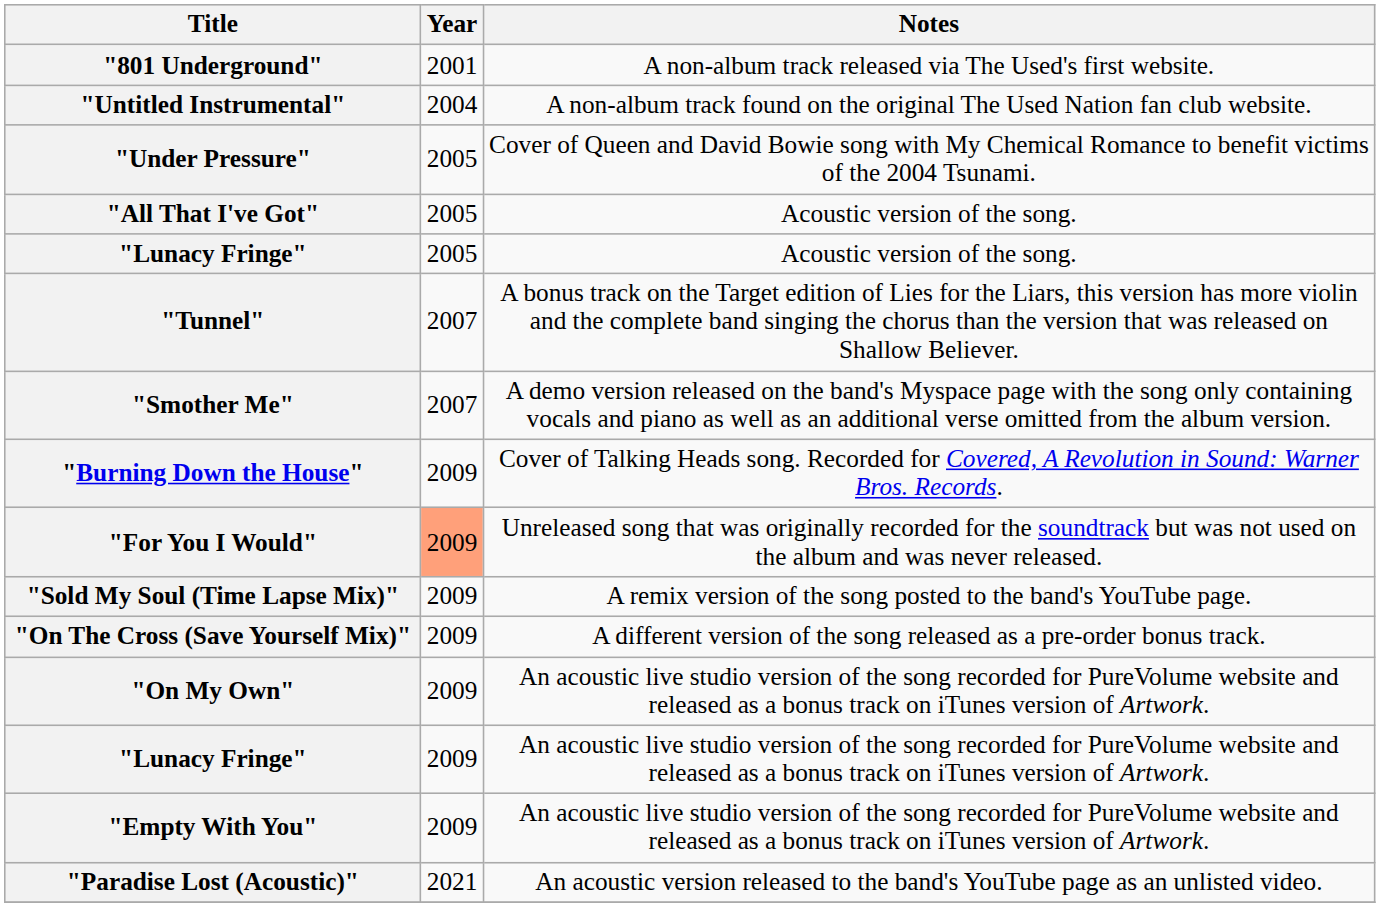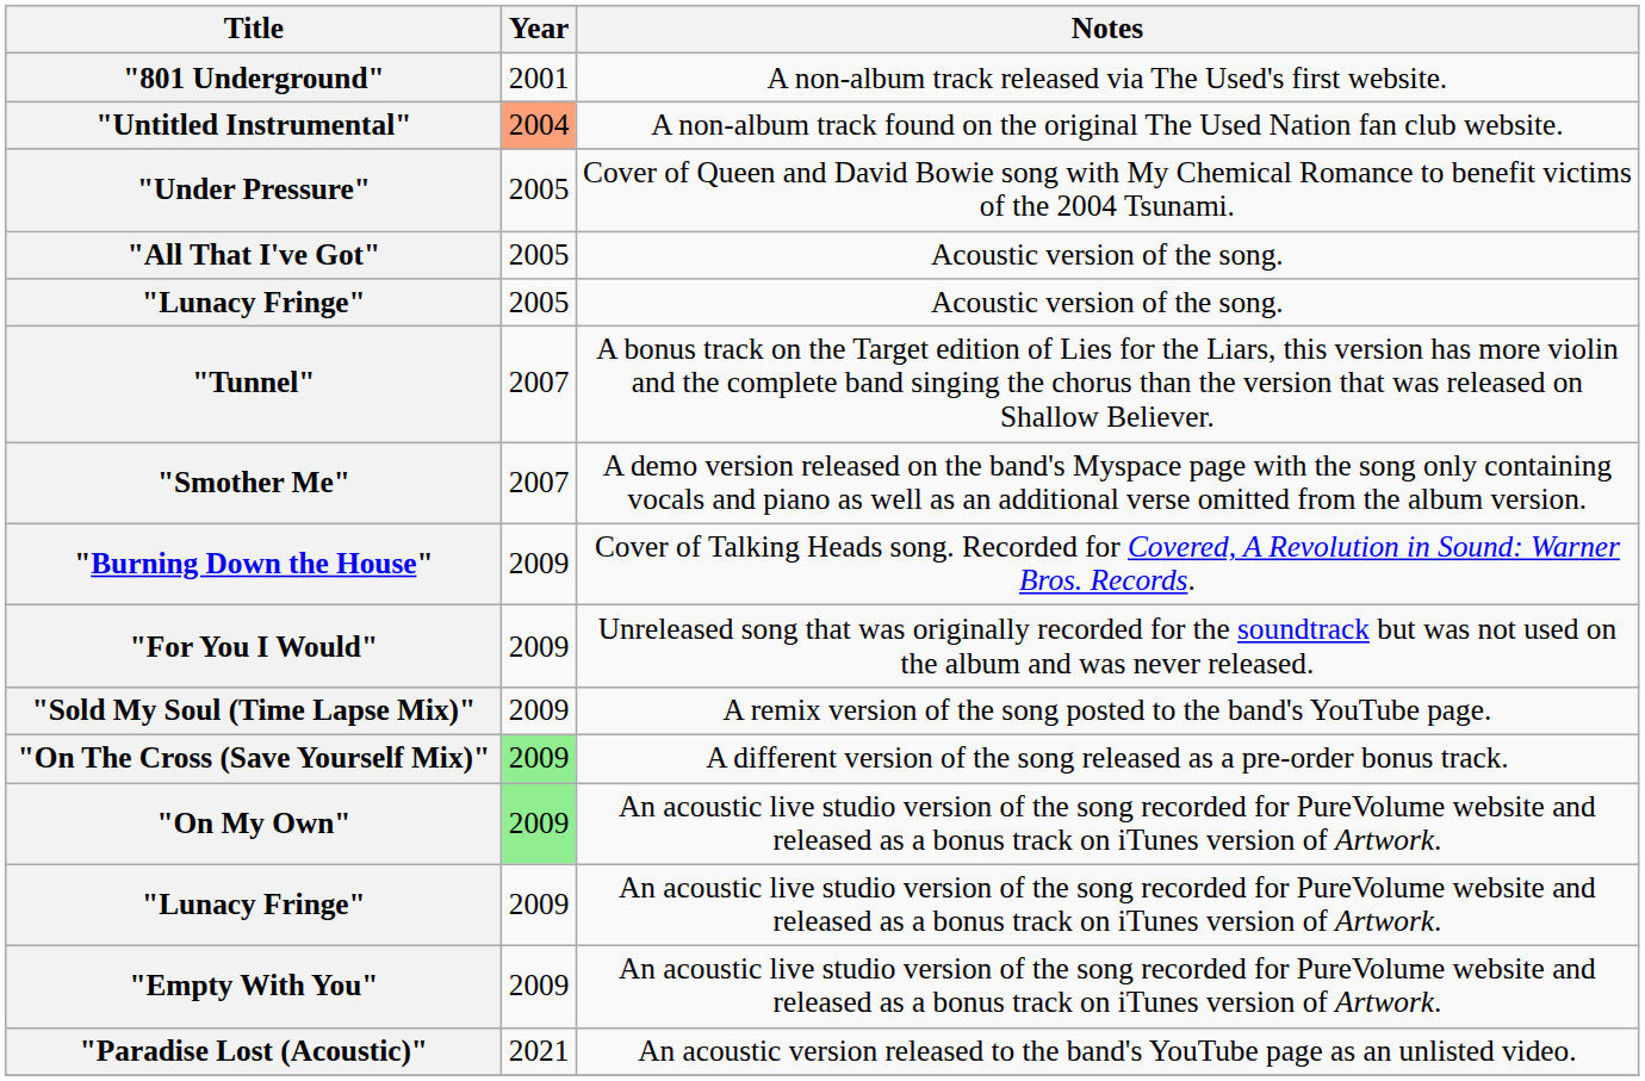 <table class="wikitable plainrowheaders" style="text-align:center;">
 <tr>
 <th scope="col" style="width:16em;">Title</th>
 <th scope="col">Year</th>
 <th scope="col">Notes</th>
 </tr>
 <tr>
 <th scope="row">"801 Underground"</th>
 <td>2001</td>
 <td>A non-album track released via The Used's first website.</td>
 </tr>
 <tr>
 <th scope="row">"Untitled Instrumental"</th>
-<td>2004</td>
+<td style="background: lightsalmon;">2004</td>
 <td>A non-album track found on the original The Used Nation fan club website.</td>
 </tr>
 <tr>
 <th scope="row">"Under Pressure"</th>
 <td>2005</td>
 <td>Cover of Queen and David Bowie song with My Chemical Romance to benefit victims of the 2004 Tsunami.</td>
 </tr>
 <tr>
 <th scope="row">"All That I've Got" </th>
 <td>2005</td>
 <td>Acoustic version of the song.</td>
 </tr>
 <tr>
 <th scope="row">"Lunacy Fringe" </th>
 <td>2005</td>
 <td>Acoustic version of the song.</td>
 </tr>
 <tr>
 <th scope="row">"Tunnel" </th>
 <td>2007</td>
 <td>A bonus track on the Target edition of Lies for the Liars, this version has more violin and the complete band singing the chorus than the version that was released on Shallow Believer.</td>
 </tr>
 <tr>
 <th scope="row">"Smother Me" </th>
 <td>2007</td>
 <td>A demo version released on the band's Myspace page with the song only containing vocals and piano as well as an additional verse omitted from the album version.</td>
 </tr>
 <tr>
 <th scope="row">"<a href='#'>Burning Down the House</a>"<br></th>
 <td>2009</td>
 <td>Cover of Talking Heads song. Recorded for <em><a href='#'>Covered, A Revolution in Sound: Warner Bros. Records</a></em>.</td>
 </tr>
 <tr>
 <th scope="row">"For You I Would"</th>
-<td style="background: lightsalmon;">2009</td>
+<td>2009</td>
 <td>Unreleased song that was originally recorded for the <a href='#'>soundtrack</a> but was not used on the album and was never released.</td>
 </tr>
 <tr>
 <th scope="row">"Sold My Soul (Time Lapse Mix)"</th>
 <td>2009</td>
 <td>A remix version of the song posted to the band's YouTube page.</td>
 </tr>
 <tr>
 <th scope="row">"On The Cross (Save Yourself Mix)"</th>
-<td>2009</td>
+<td style="background: lightgreen;">2009</td>
 <td>A different version of the song released as a pre-order bonus track.</td>
 </tr>
 <tr>
 <th scope="row">"On My Own" </th>
-<td>2009</td>
+<td style="background: lightgreen;">2009</td>
 <td>An acoustic live studio version of the song recorded for PureVolume website and released as a bonus track on iTunes version of <em>Artwork</em>.</td>
 </tr>
 <tr>
 <th scope="row">"Lunacy Fringe" </th>
 <td>2009</td>
 <td>An acoustic live studio version of the song recorded for PureVolume website and released as a bonus track on iTunes version of <em>Artwork</em>.</td>
 </tr>
 <tr>
 <th scope="row">"Empty With You" </th>
 <td>2009</td>
 <td>An acoustic live studio version of the song recorded for PureVolume website and released as a bonus track on iTunes version of <em>Artwork</em>.</td>
 </tr>
 <tr>
 <th scope="row">"Paradise Lost (Acoustic)"</th>
 <td>2021</td>
 <td>An acoustic version released to the band's YouTube page as an unlisted video.</td>
 </tr>
 <tr>
 </tr>
 </table>
